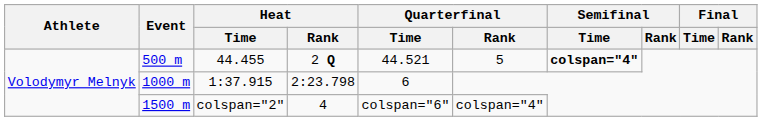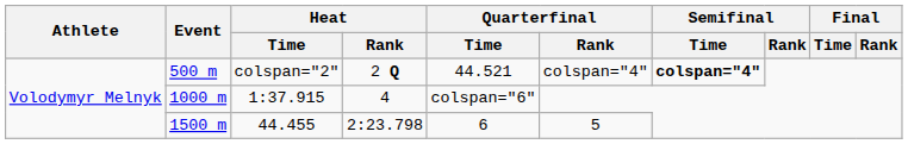 <table class=wikitable style=font-size:90%;text-align:center>
 <tr>
 <th rowspan="2">Athlete</th>
 <th rowspan="2">Event</th>
 <th colspan="2">Heat</th>
 <th colspan="2">Quarterfinal</th>
 <th colspan="2">Semifinal</th>
 <th colspan="2">Final</th>
 </tr>
 <tr>
 <th>Time</th>
 <th>Rank</th>
 <th>Time</th>
 <th>Rank</th>
 <th>Time</th>
 <th>Rank</th>
 <th>Time</th>
 <th>Rank</th>
 </tr>
 <tr>
 <td align=left rowspan=3><a href='#'>Volodymyr Melnyk</a></td>
 <td align=left><a href='#'>500 m</a></td>
-<td>44.455</td>
+<td>colspan="2" </td>
 <td>2 <strong>Q</strong></td>
 <td>44.521</td>
-<td>5</td>
+<td>colspan="4" </td>
 <td><strong>colspan="4" </strong></td>
 </tr>
 <tr>
 <td align=left><a href='#'>1000 m</a></td>
 <td>1:37.915</td>
-<td>2:23.798</td>
-<td>6</td>
+<td>4</td>
+<td>colspan="6" </td>
 </tr>
 <tr>
 <td align=left><a href='#'>1500 m</a></td>
-<td>colspan="2" </td>
-<td>4</td>
-<td>colspan="6" </td>
-<td>colspan="4" </td>
+<td>44.455</td>
+<td>2:23.798</td>
+<td>6</td>
+<td>5</td>
 </tr>
 </table>
